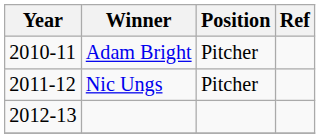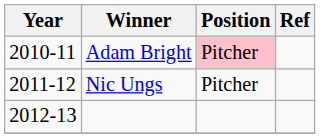 <table class="wikitable sortable">
 <tr>
 <th>Year</th>
 <th>Winner</th>
 <th>Position</th>
 <th class=unsortable>Ref</th>
 </tr>
 <tr>
 <td>2010-11</td>
 <td><a href='#'>Adam Bright</a></td>
-<td>Pitcher</td>
+<td style="background: pink;">Pitcher</td>
 <td></td>
 </tr>
 <tr>
 <td>2011-12</td>
 <td><a href='#'>Nic Ungs</a></td>
 <td>Pitcher</td>
 <td></td>
 </tr>
 <tr>
 <td>2012-13</td>
 <td></td>
 <td></td>
 <td></td>
 </tr>
 <tr>
 </tr>
 </table>
